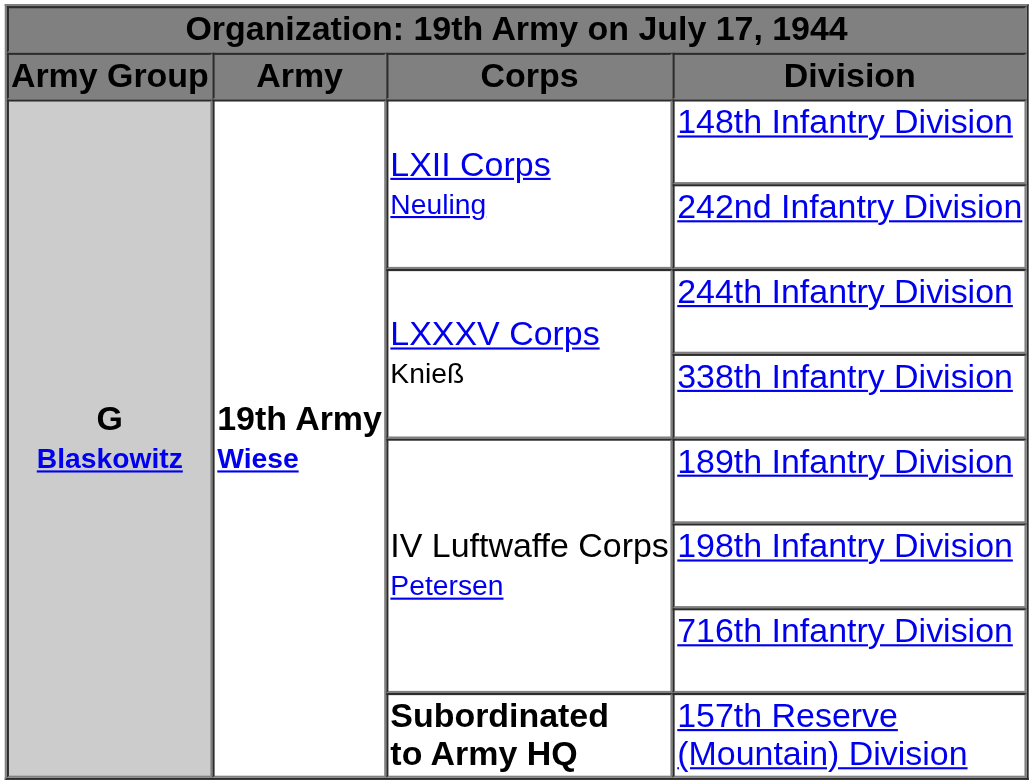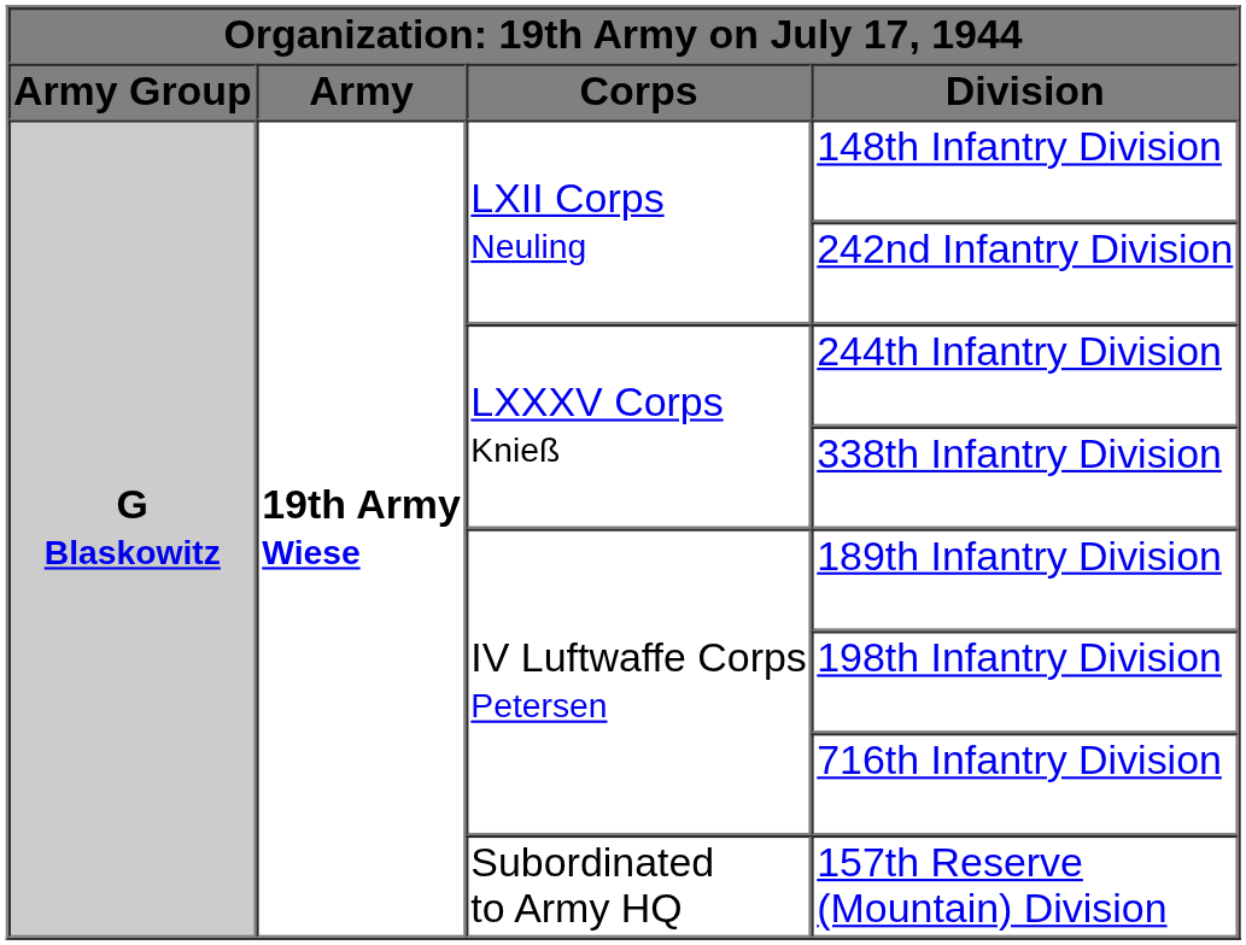 <table style="float: right;" border="1" cellpadding="1" cellspacing="0" style="font-size: 85%; border: gray solid 1px; border-collapse: collapse; text-align: center;">
 <tr style="background-color:grey; color:black;">
 <th colspan="4">Organization: 19th Army on July 17, 1944</th>
 </tr>
 <tr>
 </tr>
 <tr style="background-color:grey; color:black;">
 <th>Army Group</th>
 <th>Army</th>
 <th>Corps</th>
 <th>Division</th>
 </tr>
 <tr>
 <th ROWSPAN=8 style="background:#ccc;" style="border-bottom:1px solid gray;">G<br><small><a href='#'>Blaskowitz</a></small></th>
 <td ROWSPAN=8><strong>19th Army<br><small><a href='#'>Wiese</a></small></strong></td>
 <td ROWSPAN=2><a href='#'>LXII Corps</a><br><small><a href='#'>Neuling</a></small></td>
 <td><a href='#'>148th Infantry Division</a><br><small> </small></td>
 </tr>
 <tr>
 <td><a href='#'>242nd Infantry Division</a><br><small> </small></td>
 </tr>
 <tr>
 <td ROWSPAN=2><a href='#'>LXXXV Corps</a><br><small>Knieß</small></td>
 <td><a href='#'>244th Infantry Division</a><br><small> </small></td>
 </tr>
 <tr>
 <td><a href='#'>338th Infantry Division</a><br><small> </small></td>
 </tr>
 <tr>
 <td ROWSPAN=3>IV Luftwaffe Corps<br><small><a href='#'>Petersen</a></small></td>
 <td><a href='#'>189th Infantry Division</a><br><small> </small></td>
 </tr>
 <tr>
 <td><a href='#'>198th Infantry Division</a><br><small> </small></td>
 </tr>
 <tr>
 <td><a href='#'>716th Infantry Division</a><br><small> </small></td>
 </tr>
 <tr>
-<td ROWSPAN=1><strong>Subordinated<br>to Army HQ</strong></td>
+<td ROWSPAN=1>Subordinated<br>to Army HQ</td>
 <td><a href='#'>157th Reserve<br>(Mountain) Division</a></td>
 </tr>
 <tr>
 </tr>
 </table>
